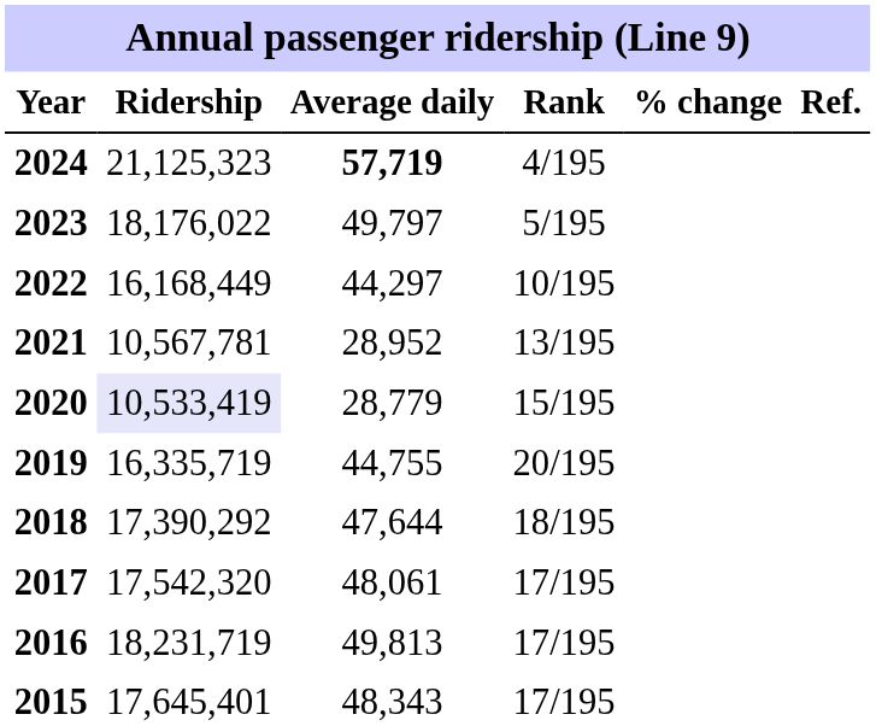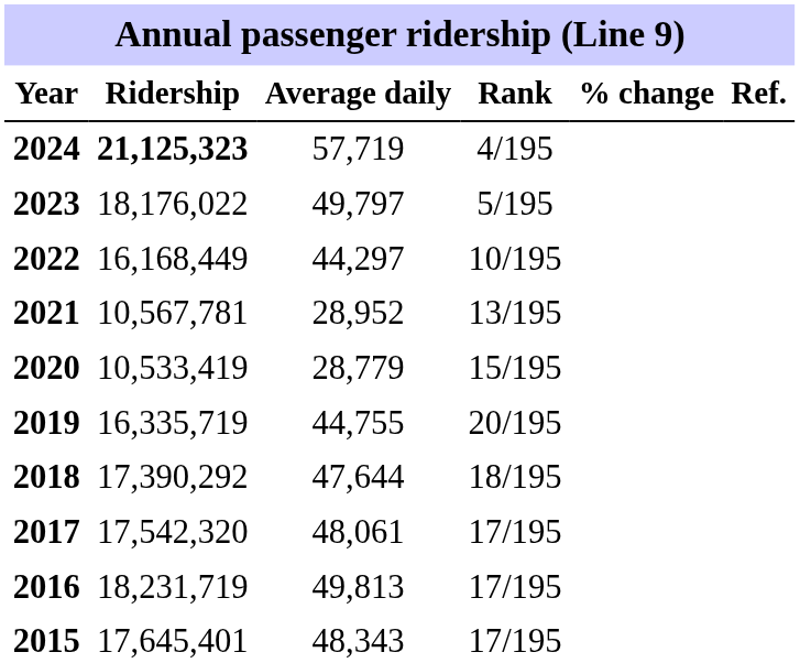 <table class="toccolours" cellpadding="4" cellspacing="0" style="text-align:right;">
 <tr>
 <th colspan="6"  style="background-color:#ccf; background-color:#ccf; font-size:110%; text-align:center;">Annual passenger ridership (Line 9)</th>
 </tr>
 <tr style="font-size:95%; text-align:center">
 <th style="border-bottom:1px solid black">Year</th>
 <th style="border-bottom:1px solid black">Ridership</th>
 <th style="border-bottom:1px solid black">Average daily</th>
 <th style="border-bottom:1px solid black">Rank</th>
 <th style="border-bottom:1px solid black">% change</th>
 <th style="border-bottom:1px solid black">Ref.</th>
 </tr>
 <tr style="text-align:center;">
 <td><strong>2024</strong></td>
-<td>21,125,323</td>
-<td><strong>57,719</strong></td>
+<td><strong>21,125,323</strong></td>
+<td>57,719</td>
 <td>4/195</td>
 <td></td>
 <td></td>
 </tr>
 <tr style="text-align:center;">
 <td><strong>2023</strong></td>
 <td>18,176,022</td>
 <td>49,797</td>
 <td>5/195</td>
 <td></td>
 <td></td>
 </tr>
 <tr style="text-align:center;">
 <td><strong>2022</strong></td>
 <td>16,168,449</td>
 <td>44,297</td>
 <td>10/195</td>
 <td></td>
 <td></td>
 </tr>
 <tr style="text-align:center;">
 <td><strong>2021</strong></td>
 <td>10,567,781</td>
 <td>28,952</td>
 <td>13/195</td>
 <td></td>
 <td></td>
 </tr>
 <tr style="text-align:center;">
 <td><strong>2020</strong></td>
-<td style="background: lavender;">10,533,419</td>
+<td>10,533,419</td>
 <td>28,779</td>
 <td>15/195</td>
 <td></td>
 <td></td>
 </tr>
 <tr style="text-align:center;">
 <td><strong>2019</strong></td>
 <td>16,335,719</td>
 <td>44,755</td>
 <td>20/195</td>
 <td></td>
 <td></td>
 </tr>
 <tr style="text-align:center;">
 <td><strong>2018</strong></td>
 <td>17,390,292</td>
 <td>47,644</td>
 <td>18/195</td>
 <td></td>
 <td></td>
 </tr>
 <tr style="text-align:center;">
 <td><strong>2017</strong></td>
 <td>17,542,320</td>
 <td>48,061</td>
 <td>17/195</td>
 <td></td>
 <td></td>
 </tr>
 <tr style="text-align:center;">
 <td><strong>2016</strong></td>
 <td>18,231,719</td>
 <td>49,813</td>
 <td>17/195</td>
 <td></td>
 <td></td>
 </tr>
 <tr style="text-align:center;">
 <td><strong>2015</strong></td>
 <td>17,645,401</td>
 <td>48,343</td>
 <td>17/195</td>
 <td></td>
 <td></td>
 </tr>
 </table>
